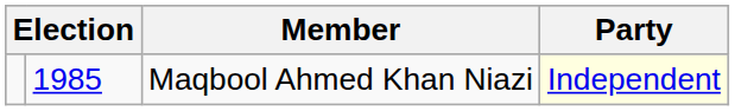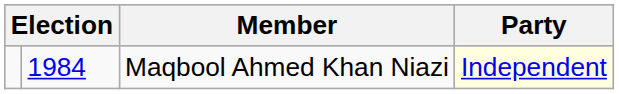 <table class="wikitable">
 <tr>
 <th colspan="2">Election</th>
 <th>Member</th>
 <th>Party</th>
 </tr>
 <tr>
 <td style="background-color: "></td>
-<td><a href='#'>1985</a></td>
+<td><a href='#'>1984</a></td>
 <td>Maqbool Ahmed Khan Niazi</td>
 <td style="background: lightyellow;"><a href='#'>Independent</a></td>
 </tr>
 </table>
